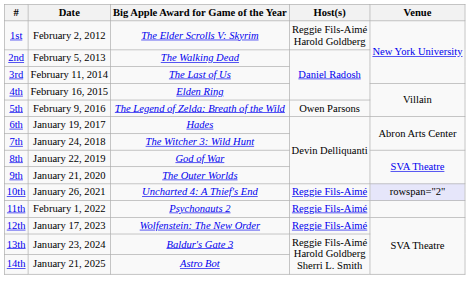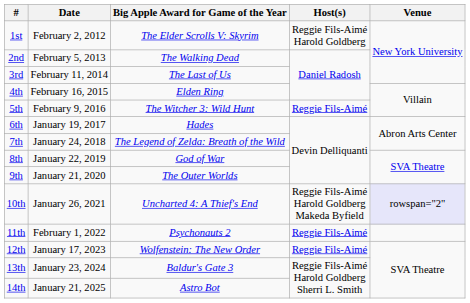 <table class="sortable wikitable" style="text-align: center">
 <tr>
 <th>#</th>
 <th>Date</th>
 <th>Big Apple Award for Game of the Year</th>
 <th>Host(s)</th>
 <th>Venue</th>
 </tr>
 <tr>
 <td><a href='#'>1st</a></td>
 <td>February 2, 2012</td>
 <td><em><a href='#'>The Elder Scrolls V: Skyrim</a></em></td>
 <td data-sort-value="Fils-Aimé, Reggie">Reggie Fils-Aimé<br>Harold Goldberg</td>
 <td rowspan="3"><a href='#'>New York University</a></td>
 </tr>
 <tr>
 <td><a href='#'>2nd</a></td>
 <td>February 5, 2013</td>
 <td><em><a href='#'>The Walking Dead</a></em></td>
 <td rowspan="3" data-sort-value="Radosh, Daniel"><a href='#'>Daniel Radosh</a></td>
 </tr>
 <tr>
 <td><a href='#'>3rd</a></td>
 <td>February 11, 2014</td>
 <td><em><a href='#'>The Last of Us</a></em></td>
 </tr>
 <tr>
 <td><a href='#'>4th</a></td>
 <td>February 16, 2015</td>
 <td><em><a href='#'>Elden Ring</a></em></td>
 <td rowspan="2">Villain</td>
 </tr>
 <tr>
 <td><a href='#'>5th</a></td>
 <td>February 9, 2016</td>
-<td><em><a href='#'>The Legend of Zelda: Breath of the Wild</a></em></td>
-<td>Owen Parsons</td>
+<td><em><a href='#'>The Witcher 3: Wild Hunt</a></em></td>
+<td data-sort-value="Fils-Aimé, Reggie"><a href='#'>Reggie Fils-Aimé</a></td>
 </tr>
 <tr>
 <td><a href='#'>6th</a></td>
 <td>January 19, 2017</td>
 <td><em><a href='#'>Hades</a></em></td>
 <td rowspan="4" data-sort-value="Delliquanti, Devin">Devin Delliquanti</td>
 <td rowspan="2">Abron Arts Center</td>
 </tr>
 <tr>
 <td><a href='#'>7th</a></td>
 <td>January 24, 2018</td>
-<td><em><a href='#'>The Witcher 3: Wild Hunt</a></em></td>
+<td><em><a href='#'>The Legend of Zelda: Breath of the Wild</a></em></td>
 </tr>
 <tr>
 <td><a href='#'>8th</a></td>
 <td>January 22, 2019</td>
 <td><em><a href='#'>God of War</a></em></td>
 <td rowspan="2"><a href='#'>SVA Theatre</a></td>
 </tr>
 <tr>
 <td><a href='#'>9th</a></td>
 <td>January 21, 2020</td>
 <td><em><a href='#'>The Outer Worlds</a></em></td>
 </tr>
 <tr>
 <td><a href='#'>10th</a></td>
 <td>January 26, 2021</td>
 <td><em><a href='#'>Uncharted 4: A Thief's End</a></em></td>
-<td data-sort-value="Fils-Aimé, Reggie"><a href='#'>Reggie Fils-Aimé</a></td>
+<td data-sort-value="Fils-Aimé, Reggie">Reggie Fils-Aimé<br>Harold Goldberg<br>Makeda Byfield</td>
 <td style="background: lavender;">rowspan="2" </td>
 </tr>
 <tr>
 <td><a href='#'>11th</a></td>
 <td>February 1, 2022</td>
 <td><em><a href='#'>Psychonauts 2</a></em></td>
 <td data-sort-value="Fils-Aimé, Reggie"><a href='#'>Reggie Fils-Aimé</a></td>
 </tr>
 <tr>
 <td><a href='#'>12th</a></td>
 <td>January 17, 2023</td>
 <td><em><a href='#'>Wolfenstein: The New Order</a></em></td>
 <td data-sort-value="Fils-Aimé, Reggie"><a href='#'>Reggie Fils-Aimé</a></td>
 <td rowspan="3">SVA Theatre</td>
 </tr>
 <tr>
 <td><a href='#'>13th</a></td>
 <td>January 23, 2024</td>
 <td><em><a href='#'>Baldur's Gate 3</a></em></td>
 <td data-sort-value="Fils-Aimé, Reggie" rowspan="2">Reggie Fils-Aimé<br>Harold Goldberg<br>Sherri L. Smith</td>
 </tr>
 <tr>
 <td><a href='#'>14th</a></td>
 <td>January 21, 2025</td>
 <td><em><a href='#'>Astro Bot</a></em></td>
 </tr>
 </table>
